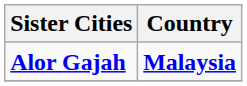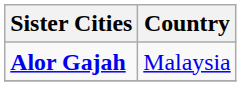 <table class="wikitable sortable">
 <tr>
 <th>Sister Cities</th>
 <th>Country</th>
 </tr>
 <tr>
 <td><strong><a href='#'>Alor Gajah</a></strong></td>
-<td><strong> <a href='#'>Malaysia</a></strong></td>
+<td> <a href='#'>Malaysia</a></td>
 </tr>
 <tr>
 </tr>
 </table>
